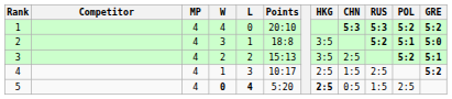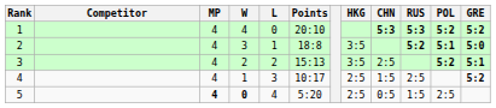 <table class="wikitable" style="text-align:center">
 <tr>
 <th>Rank</th>
 <th style="width:16em">Competitor</th>
 <th style="width:2.5em">MP</th>
 <th style="width:2.5em">W</th>
 <th style="width:2.5em">L</th>
 <th>Points</th>
 <th rowspan="6"> </th>
 <th style="width:2.5em">HKG</th>
 <th style="width:2.5em">CHN</th>
 <th style="width:2.5em">RUS</th>
 <th style="width:2.5em">POL</th>
 <th style="width:2.5em">GRE</th>
 </tr>
 <tr style="background:#cfc;">
 <td>1</td>
 <td style="text-align:left"></td>
 <td>4</td>
 <td>4</td>
 <td>0</td>
 <td>20:10</td>
 <td></td>
 <td><strong>5:3</strong></td>
 <td><strong>5:3</strong></td>
 <td><strong>5:2</strong></td>
 <td><strong>5:2</strong></td>
 </tr>
 <tr style="background:#cfc;">
 <td>2</td>
 <td style="text-align:left"></td>
 <td>4</td>
 <td>3</td>
 <td>1</td>
 <td>18:8</td>
 <td>3:5</td>
 <td></td>
 <td><strong>5:2</strong></td>
 <td><strong>5:1</strong></td>
 <td><strong>5:0</strong></td>
 </tr>
 <tr style="background:#cfc;">
 <td>3</td>
 <td style="text-align:left"></td>
 <td>4</td>
 <td>2</td>
 <td>2</td>
 <td>15:13</td>
 <td>3:5</td>
 <td>2:5</td>
 <td></td>
 <td><strong>5:2</strong></td>
 <td><strong>5:1</strong></td>
 </tr>
 <tr>
 <td>4</td>
 <td style="text-align:left"></td>
 <td>4</td>
 <td>1</td>
 <td>3</td>
 <td>10:17</td>
 <td>2:5</td>
 <td>1:5</td>
 <td>2:5</td>
 <td></td>
 <td><strong>5:2</strong></td>
 </tr>
 <tr>
 <td>5</td>
 <td style="text-align:left"></td>
+<td><strong>4</strong></td>
+<td><strong>0</strong></td>
 <td>4</td>
-<td><strong>0</strong></td>
-<td><strong>4</strong></td>
 <td>5:20</td>
-<td><strong>2:5</strong></td>
+<td>2:5</td>
 <td>0:5</td>
 <td>1:5</td>
 <td>2:5</td>
 <td></td>
 </tr>
 </table>
